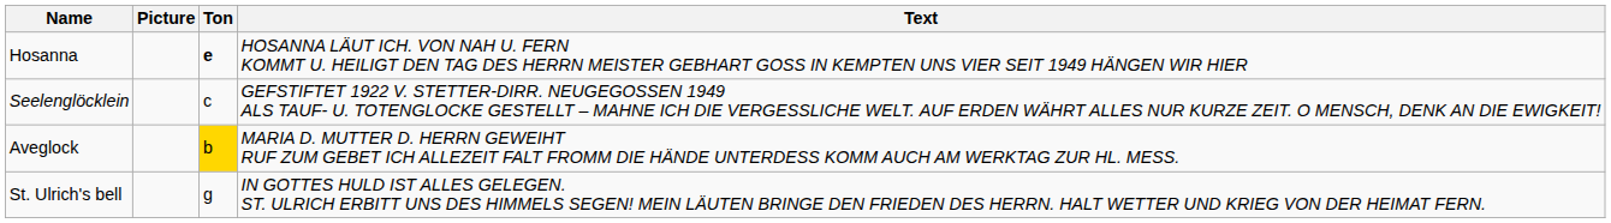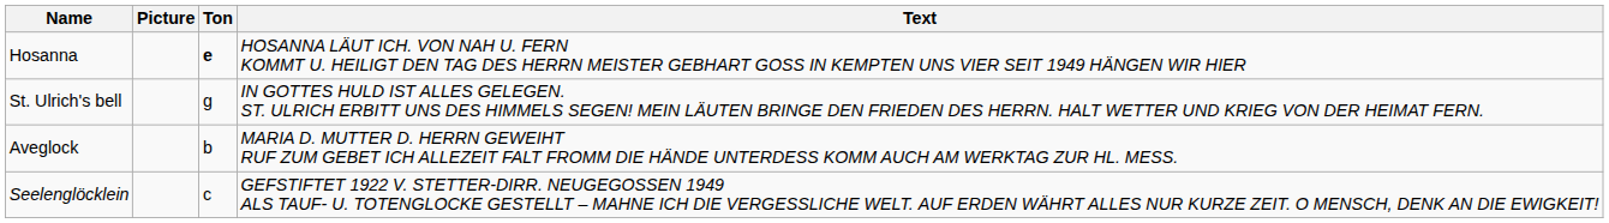 <table class="wikitable">
 <tr>
 <th>Name</th>
 <th>Picture</th>
 <th>Ton</th>
 <th>Text</th>
 </tr>
 <tr>
 <td>Hosanna</td>
 <td></td>
 <td><strong>e</strong></td>
 <td><em>HOSANNA LÄUT ICH. VON NAH U. FERN</em><br><em>KOMMT U. HEILIGT DEN TAG DES HERRN</em> <em>MEISTER GEBHART GOSS IN KEMPTEN UNS VIER SEIT 1949 HÄNGEN WIR HIER</em></td>
 </tr>
 <tr>
+<td>St. Ulrich's bell</td>
+<td></td>
+<td>g</td>
+<td><em>IN GOTTES HULD IST ALLES GELEGEN.</em><br><em>ST. ULRICH ERBITT UNS DES HIMMELS SEGEN!</em> <em>MEIN LÄUTEN BRINGE DEN FRIEDEN DES HERRN.</em> <em>HALT WETTER UND KRIEG VON DER HEIMAT FERN.</em></td>
+</tr>
+<tr>
+<td>Aveglock</td>
+<td></td>
+<td>b</td>
+<td><em>MARIA D. MUTTER D. HERRN GEWEIHT</em><br><em>RUF ZUM GEBET ICH ALLEZEIT</em> <em>FALT FROMM DIE HÄNDE UNTERDESS</em> <em>KOMM AUCH AM WERKTAG ZUR HL. MESS.</em></td>
+</tr>
+<tr>
 <td><em>Seelenglöcklein</em></td>
 <td></td>
 <td>c</td>
 <td><em>GEFSTIFTET 1922 V. STETTER-DIRR. NEUGEGOSSEN 1949</em><br><em>ALS TAUF- U. TOTENGLOCKE GESTELLT</em> <em>– MAHNE ICH DIE VERGESSLICHE WELT.</em> <em>AUF ERDEN WÄHRT ALLES NUR KURZE ZEIT.</em> <em>O MENSCH, DENK AN DIE EWIGKEIT!</em></td>
 </tr>
-<tr>
-<td>Aveglock</td>
-<td></td>
-<td style="background: gold;">b</td>
-<td><em>MARIA D. MUTTER D. HERRN GEWEIHT</em><br><em>RUF ZUM GEBET ICH ALLEZEIT</em> <em>FALT FROMM DIE HÄNDE UNTERDESS</em> <em>KOMM AUCH AM WERKTAG ZUR HL. MESS.</em></td>
-</tr>
-<tr>
-<td>St. Ulrich's bell</td>
-<td></td>
-<td>g</td>
-<td><em>IN GOTTES HULD IST ALLES GELEGEN.</em><br><em>ST. ULRICH ERBITT UNS DES HIMMELS SEGEN!</em> <em>MEIN LÄUTEN BRINGE DEN FRIEDEN DES HERRN.</em> <em>HALT WETTER UND KRIEG VON DER HEIMAT FERN.</em></td>
-</tr>
 </table>
